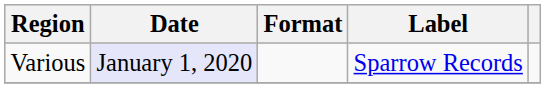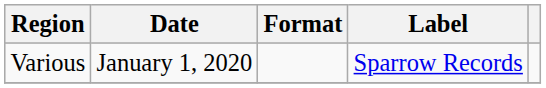 <table class="wikitable plainrowheaders">
 <tr>
 <th scope="col">Region</th>
 <th scope="col">Date</th>
 <th scope="col">Format</th>
 <th scope="col">Label</th>
 <th scope="col"></th>
 </tr>
 <tr>
 <td>Various</td>
-<td style="background: lavender;">January 1, 2020</td>
+<td>January 1, 2020</td>
 <td></td>
 <td><a href='#'>Sparrow Records</a></td>
 <td></td>
 </tr>
 <tr>
 </tr>
 </table>
